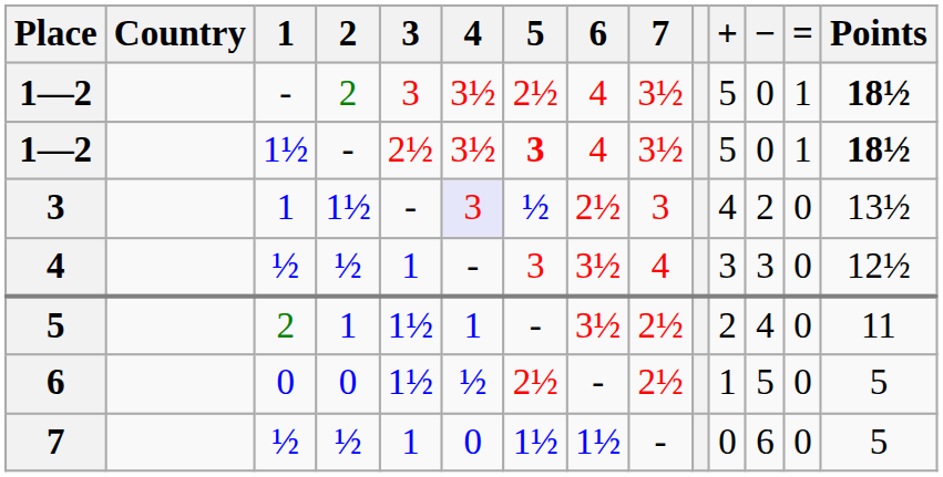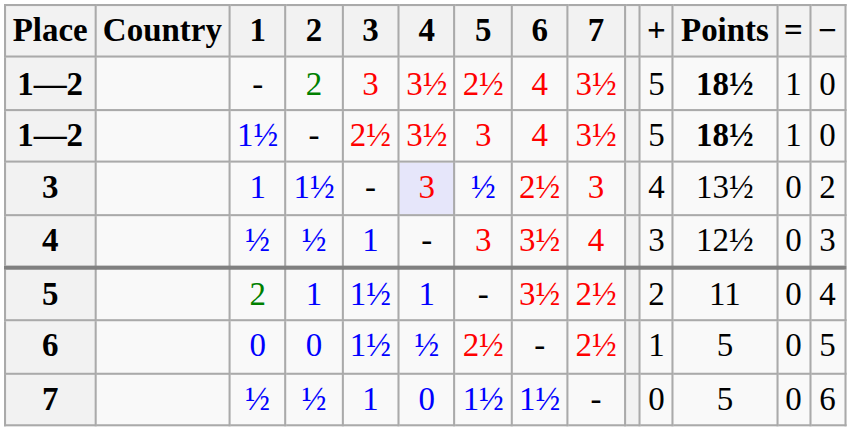 <table class="wikitable" style="text-align:center">
 <tr>
 <th>Place</th>
 <th>Country</th>
 <th>1</th>
 <th>2</th>
 <th>3</th>
 <th>4</th>
 <th>5</th>
 <th>6</th>
 <th>7</th>
 <th></th>
 <th>+</th>
+<th>Points</th>
+<th>=</th>
 <th>−</th>
-<th>=</th>
-<th>Points</th>
 </tr>
 <tr>
 <th>1—2</th>
 <td style="text-align: left"></td>
 <td>-</td>
 <td style="color: green">2</td>
 <td style="color: red;">3</td>
 <td style="color: red;">3½</td>
 <td style="color: red;">2½</td>
 <td style="color: red;">4</td>
 <td style="color: red;">3½</td>
 <th></th>
 <td>5</td>
+<td><strong>18½</strong></td>
+<td>1</td>
 <td>0</td>
-<td>1</td>
-<td><strong>18½</strong></td>
 </tr>
 <tr>
 <th>1—2</th>
 <td style="text-align: left"></td>
 <td style="color: blue;">1½</td>
 <td>-</td>
 <td style="color: red;">2½</td>
 <td style="color: red;">3½</td>
-<td style="color: red;"><strong>3</strong></td>
+<td style="color: red;">3</td>
 <td style="color: red;">4</td>
 <td style="color: red;">3½</td>
 <th></th>
 <td>5</td>
+<td><strong>18½</strong></td>
+<td>1</td>
 <td>0</td>
-<td>1</td>
-<td><strong>18½</strong></td>
 </tr>
 <tr>
 <th>3</th>
 <td style="text-align: left"></td>
 <td style="color: blue;">1</td>
 <td style="color: blue;">1½</td>
 <td>-</td>
 <td style="background: lavender; color: red;">3</td>
 <td style="color: blue;">½</td>
 <td style="color: red;">2½</td>
 <td style="color: red;">3</td>
 <th></th>
 <td>4</td>
+<td>13½</td>
+<td>0</td>
 <td>2</td>
-<td>0</td>
-<td>13½</td>
 </tr>
 <tr>
 <th>4</th>
 <td style="text-align: left"></td>
 <td style="color: blue;">½</td>
 <td style="color: blue;">½</td>
 <td style="color: blue;">1</td>
 <td>-</td>
 <td style="color: red;">3</td>
 <td style="color: red;">3½</td>
 <td style="color: red;">4</td>
 <th></th>
 <td>3</td>
+<td>12½</td>
+<td>0</td>
 <td>3</td>
-<td>0</td>
-<td>12½</td>
 </tr>
 <tr style="border-top:2px solid grey;">
 <th>5</th>
 <td style="text-align: left"></td>
 <td style="color: green">2</td>
 <td style="color: blue;">1</td>
 <td style="color: blue;">1½</td>
 <td style="color: blue;">1</td>
 <td>-</td>
 <td style="color: red;">3½</td>
 <td style="color: red;">2½</td>
 <th></th>
 <td>2</td>
+<td>11</td>
+<td>0</td>
 <td>4</td>
-<td>0</td>
-<td>11</td>
 </tr>
 <tr>
 <th>6</th>
 <td style="text-align: left"></td>
 <td style="color: blue;">0</td>
 <td style="color: blue;">0</td>
 <td style="color: blue;">1½</td>
 <td style="color: blue;">½</td>
 <td style="color: red;">2½</td>
 <td>-</td>
 <td style="color: red;">2½</td>
 <th></th>
 <td>1</td>
 <td>5</td>
 <td>0</td>
 <td>5</td>
 </tr>
 <tr>
 <th>7</th>
 <td style="text-align: left"></td>
 <td style="color: blue;">½</td>
 <td style="color: blue;">½</td>
 <td style="color: blue;">1</td>
 <td style="color: blue;">0</td>
 <td style="color: blue;">1½</td>
 <td style="color: blue;">1½</td>
 <td>-</td>
 <th></th>
 <td>0</td>
+<td>5</td>
+<td>0</td>
 <td>6</td>
-<td>0</td>
-<td>5</td>
 </tr>
 </table>
